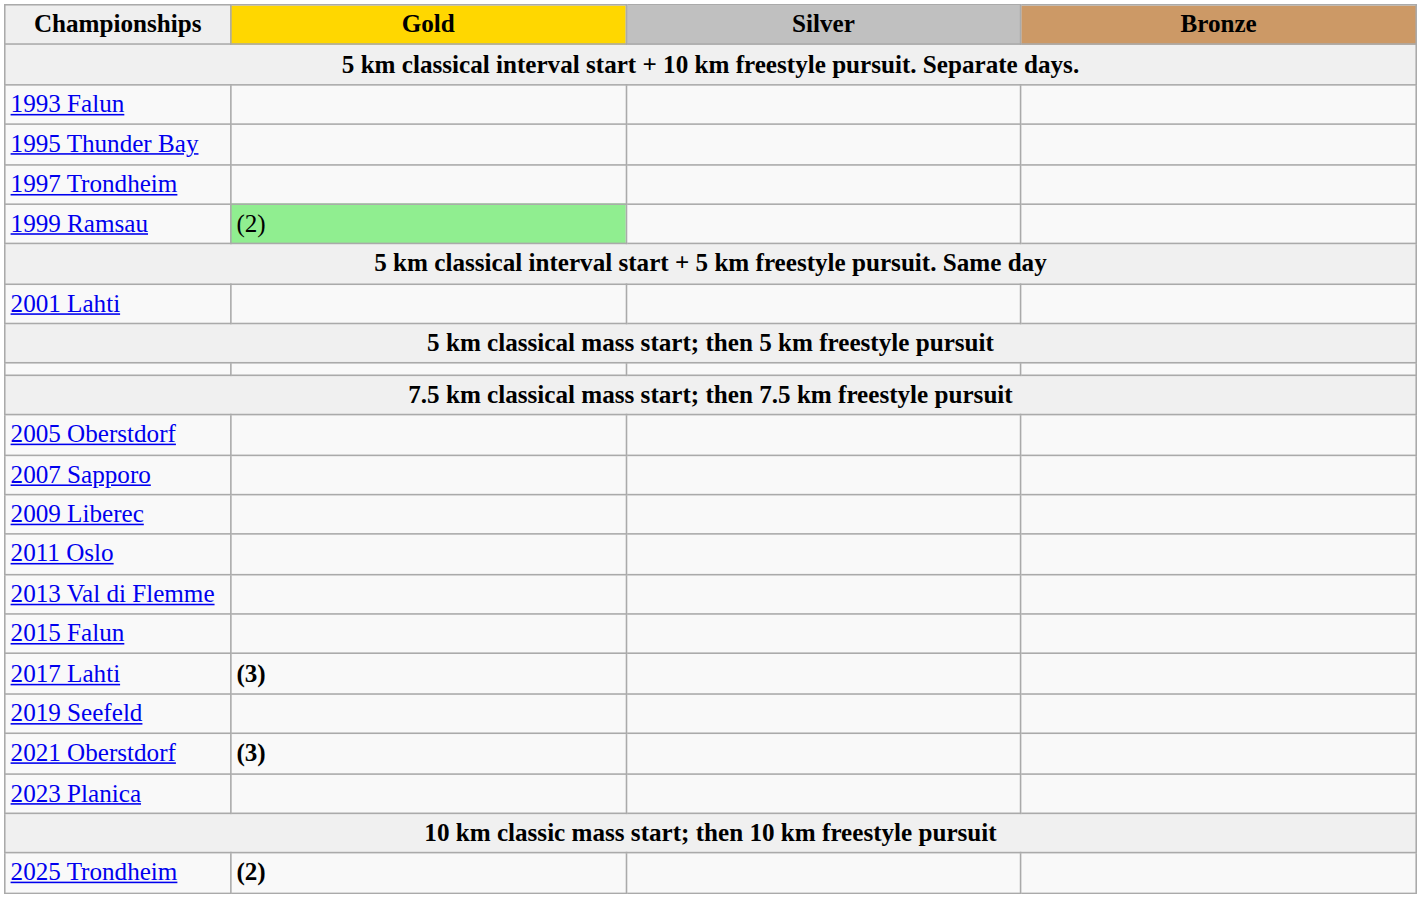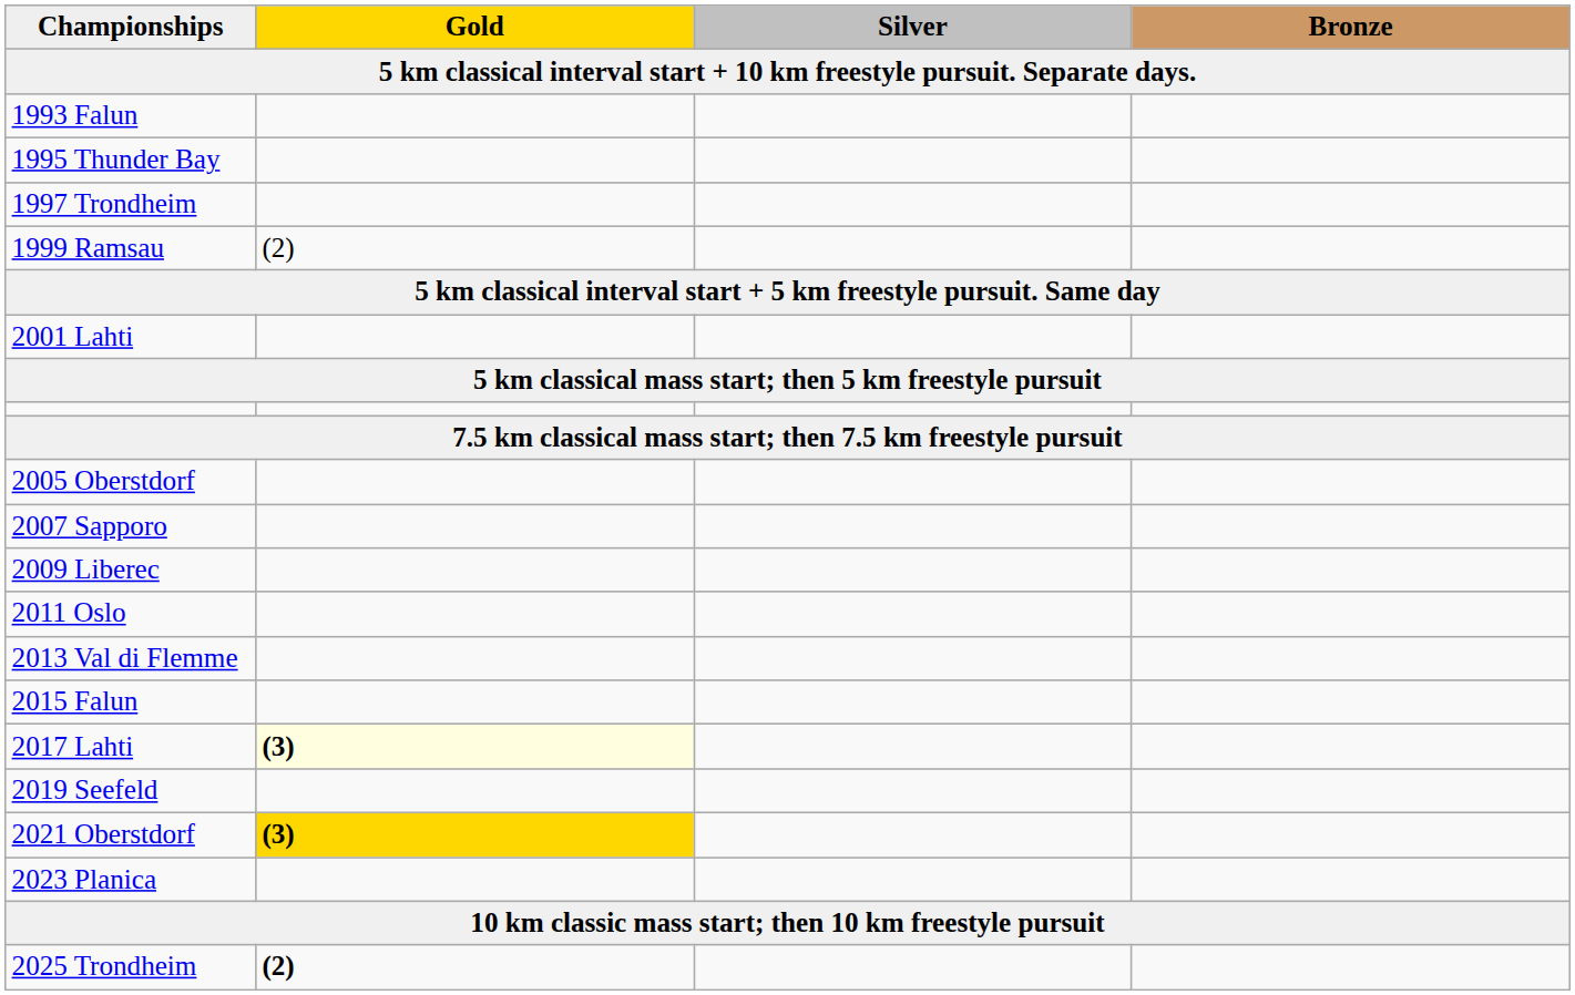 <table class="wikitable sortable" style="width:900px;">
 <tr>
 <th style="width:16%; background:#efefef;">Championships</th>
 <th style="width:28%; background:gold">Gold</th>
 <th style="width:28%; background:silver">Silver</th>
 <th style="width:28%; background:#CC9966">Bronze</th>
 </tr>
 <tr>
 <td colspan=4 align=center bgcolor=F0F0F0><strong>5 km classical interval start + 10 km freestyle pursuit. Separate days.</strong></td>
 </tr>
 <tr>
 <td><a href='#'>1993 Falun</a></td>
 <td></td>
 <td></td>
 <td></td>
 </tr>
 <tr>
 <td><a href='#'>1995 Thunder Bay</a></td>
 <td></td>
 <td></td>
 <td></td>
 </tr>
 <tr>
 <td><a href='#'>1997 Trondheim</a></td>
 <td></td>
 <td></td>
 <td></td>
 </tr>
 <tr>
 <td><a href='#'>1999 Ramsau</a></td>
-<td style="background: lightgreen;"> (2)</td>
+<td> (2)</td>
 <td></td>
 <td></td>
 </tr>
 <tr>
 <td colspan=4 align=center bgcolor=F0F0F0><strong>5 km classical interval start + 5 km freestyle pursuit. Same day</strong></td>
 </tr>
 <tr>
 <td><a href='#'>2001 Lahti</a></td>
 <td></td>
 <td></td>
 <td></td>
 </tr>
 <tr>
 <td colspan=4 align=center bgcolor=F0F0F0><strong>5 km classical mass start; then 5 km freestyle pursuit</strong></td>
 </tr>
 <tr>
 <td><a href='#'></a></td>
 <td></td>
 <td></td>
 <td></td>
 </tr>
 <tr>
 <td colspan=4 align=center bgcolor=F0F0F0><strong>7.5 km classical mass start; then 7.5 km freestyle pursuit</strong></td>
 </tr>
 <tr>
 <td><a href='#'>2005 Oberstdorf</a></td>
 <td></td>
 <td></td>
 <td></td>
 </tr>
 <tr>
 <td><a href='#'>2007 Sapporo</a></td>
 <td></td>
 <td></td>
 <td></td>
 </tr>
 <tr>
 <td><a href='#'>2009 Liberec</a></td>
 <td></td>
 <td></td>
 <td></td>
 </tr>
 <tr>
 <td><a href='#'>2011 Oslo</a></td>
 <td></td>
 <td></td>
 <td></td>
 </tr>
 <tr>
 <td><a href='#'>2013 Val di Flemme</a></td>
 <td></td>
 <td></td>
 <td></td>
 </tr>
 <tr>
 <td><a href='#'>2015 Falun</a></td>
 <td></td>
 <td></td>
 <td></td>
 </tr>
 <tr>
 <td><a href='#'>2017 Lahti</a></td>
-<td> <strong>(3)</strong></td>
+<td style="background: lightyellow;"> <strong>(3)</strong></td>
 <td></td>
 <td></td>
 </tr>
 <tr>
 <td><a href='#'>2019 Seefeld</a></td>
 <td></td>
 <td></td>
 <td></td>
 </tr>
 <tr>
 <td><a href='#'>2021 Oberstdorf</a></td>
-<td> <strong>(3)</strong></td>
+<td style="background: gold;"> <strong>(3)</strong></td>
 <td></td>
 <td></td>
 </tr>
 <tr>
 <td><a href='#'>2023 Planica</a></td>
 <td></td>
 <td></td>
 <td></td>
 </tr>
 <tr>
 <td colspan=4 align=center bgcolor=F0F0F0><strong>10 km classic mass start; then 10 km freestyle pursuit</strong></td>
 </tr>
 <tr>
 <td><a href='#'>2025 Trondheim</a></td>
 <td><strong> (2)</strong></td>
 <td></td>
 <td></td>
 </tr>
 </table>
